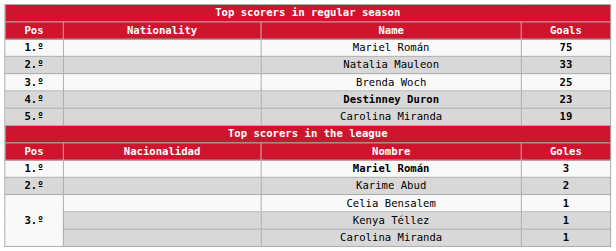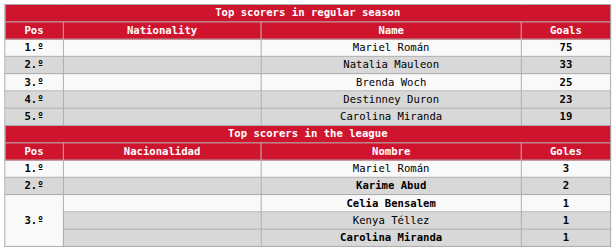 <table align=center border=1 width=50% cellpadding="2" cellspacing="0" style="background: #f9f9f9; border: 1px #aaa solid; border-collapse: collapse; font-size: 85%; text-align: center;">
 <tr>
 <th colspan="4" style="color:White; background:#cf142d">Top scorers in regular season</th>
 </tr>
 <tr style="color:White; background:#cf142d">
 <th>Pos</th>
 <th>Nationality</th>
 <th>Name</th>
 <th>Goals</th>
 </tr>
 <tr>
 <td><strong>1.º</strong></td>
 <td></td>
 <td>Mariel Román</td>
 <td><strong>75</strong></td>
 </tr>
 <tr style="background:#D8D8D8	">
 <td><strong>2.º</strong></td>
 <td></td>
 <td>Natalia Mauleon</td>
 <td><strong>33</strong></td>
 </tr>
 <tr>
 <td><strong>3.º</strong></td>
 <td></td>
 <td>Brenda Woch</td>
 <td><strong>25</strong></td>
 </tr>
 <tr style="background:#D8D8D8	">
 <td><strong>4.º</strong></td>
 <td></td>
-<td><strong>Destinney Duron</strong></td>
+<td>Destinney Duron</td>
 <td><strong>23</strong></td>
 </tr>
 <tr style="background:#D8D8D8	">
 <td><strong>5.º</strong></td>
 <td></td>
 <td>Carolina Miranda</td>
 <td><strong>19</strong></td>
 </tr>
 <tr>
 <th colspan="4" style="color:White; background:#cf142d">Top scorers in the league</th>
 </tr>
 <tr style="color:White; background:#cf142d">
 <th>Pos</th>
 <th>Nacionalidad</th>
 <th>Nombre</th>
 <th>Goles</th>
 </tr>
 <tr>
 <td><strong>1.º</strong></td>
 <td></td>
-<td><strong>Mariel Román</strong></td>
+<td>Mariel Román</td>
 <td><strong>3</strong></td>
 </tr>
 <tr style="background:#D8D8D8	">
 <td><strong>2.º</strong></td>
 <td></td>
-<td>Karime Abud</td>
+<td><strong>Karime Abud</strong></td>
 <td><strong>2</strong></td>
 </tr>
 <tr>
 <td rowspan="3"><strong>3.º</strong></td>
 <td></td>
-<td>Celia Bensalem</td>
+<td><strong>Celia Bensalem</strong></td>
 <td><strong>1</strong></td>
 </tr>
 <tr style="background:#D8D8D8	">
 <td></td>
 <td>Kenya Téllez</td>
 <td><strong>1</strong></td>
 </tr>
 <tr style="background:#D8D8D8	">
 <td></td>
-<td>Carolina Miranda</td>
+<td><strong>Carolina Miranda</strong></td>
 <td><strong>1</strong></td>
 </tr>
 </table>
